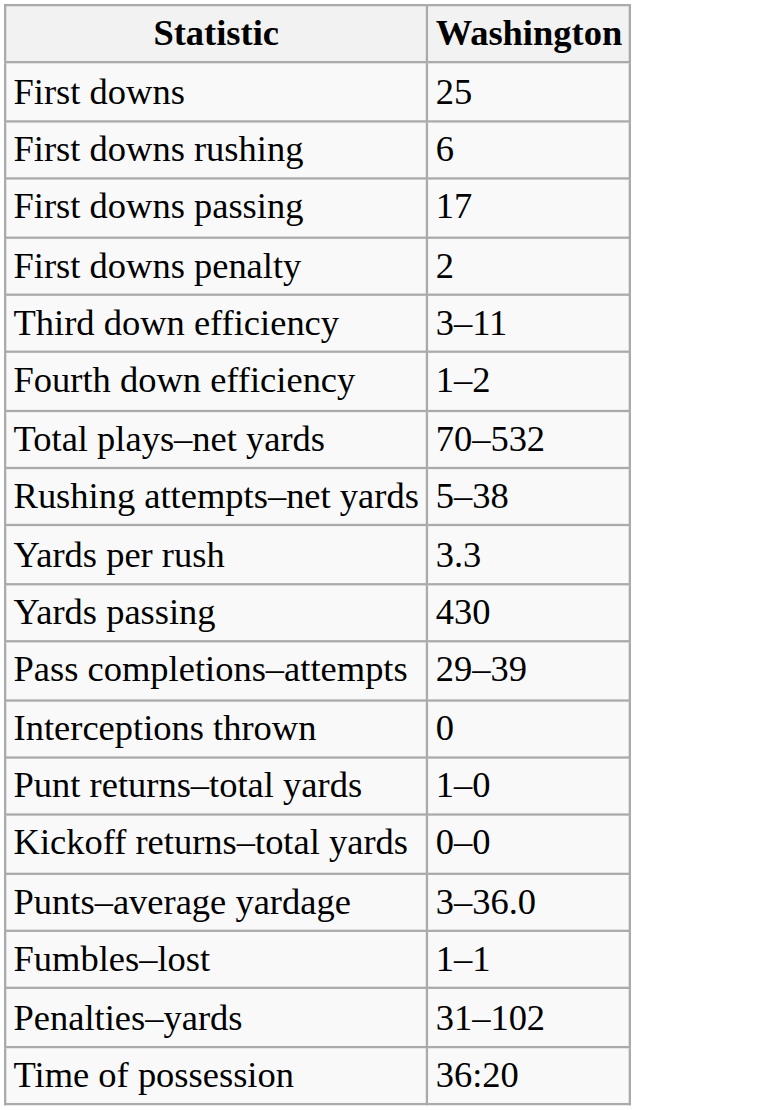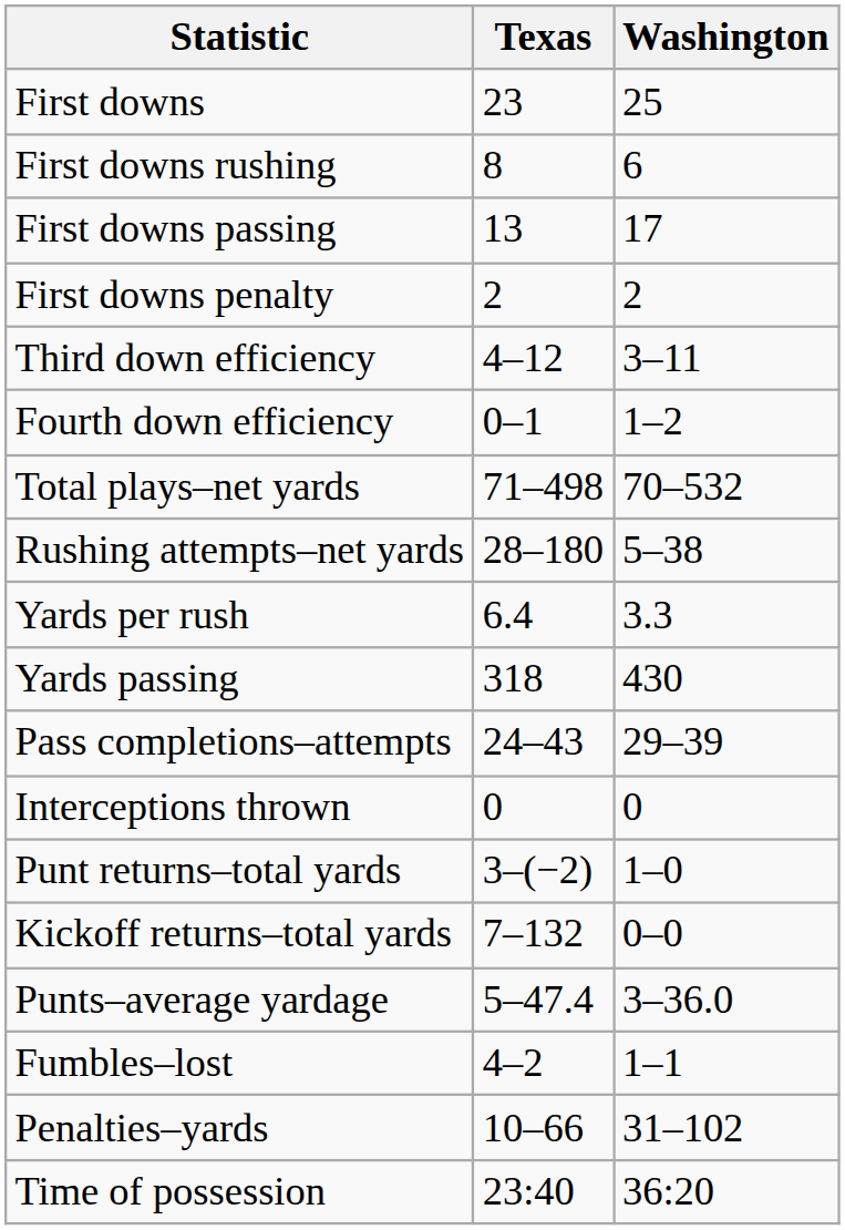 <table class="wikitable">
 <tr>
 <th>Statistic</th>
+<th><strong>Texas</strong></th>
 <th><strong>Washington</strong></th>
 </tr>
 <tr>
 <td>First downs</td>
+<td>23</td>
 <td>25</td>
 </tr>
 <tr>
 <td>First downs rushing</td>
+<td>8</td>
 <td>6</td>
 </tr>
 <tr>
 <td>First downs passing</td>
+<td>13</td>
 <td>17</td>
 </tr>
 <tr>
 <td>First downs penalty</td>
 <td>2</td>
+<td>2</td>
 </tr>
 <tr>
 <td>Third down efficiency</td>
+<td>4–12</td>
 <td>3–11</td>
 </tr>
 <tr>
 <td>Fourth down efficiency</td>
+<td>0–1</td>
 <td>1–2</td>
 </tr>
 <tr>
 <td>Total plays–net yards</td>
+<td>71–498</td>
 <td>70–532</td>
 </tr>
 <tr>
 <td>Rushing attempts–net yards</td>
+<td>28–180</td>
 <td>5–38</td>
 </tr>
 <tr>
 <td>Yards per rush</td>
+<td>6.4</td>
 <td>3.3</td>
 </tr>
 <tr>
 <td>Yards passing</td>
+<td>318</td>
 <td>430</td>
 </tr>
 <tr>
 <td>Pass completions–attempts</td>
+<td>24–43</td>
 <td>29–39</td>
 </tr>
 <tr>
 <td>Interceptions thrown</td>
 <td>0</td>
+<td>0</td>
 </tr>
 <tr>
 <td>Punt returns–total yards</td>
+<td>3–(−2)</td>
 <td>1–0</td>
 </tr>
 <tr>
 <td>Kickoff returns–total yards</td>
+<td>7–132</td>
 <td>0–0</td>
 </tr>
 <tr>
 <td>Punts–average yardage</td>
+<td>5–47.4</td>
 <td>3–36.0</td>
 </tr>
 <tr>
 <td>Fumbles–lost</td>
+<td>4–2</td>
 <td>1–1</td>
 </tr>
 <tr>
 <td>Penalties–yards</td>
+<td>10–66</td>
 <td>31–102</td>
 </tr>
 <tr>
 <td>Time of possession</td>
+<td>23:40</td>
 <td>36:20</td>
 </tr>
 </table>
